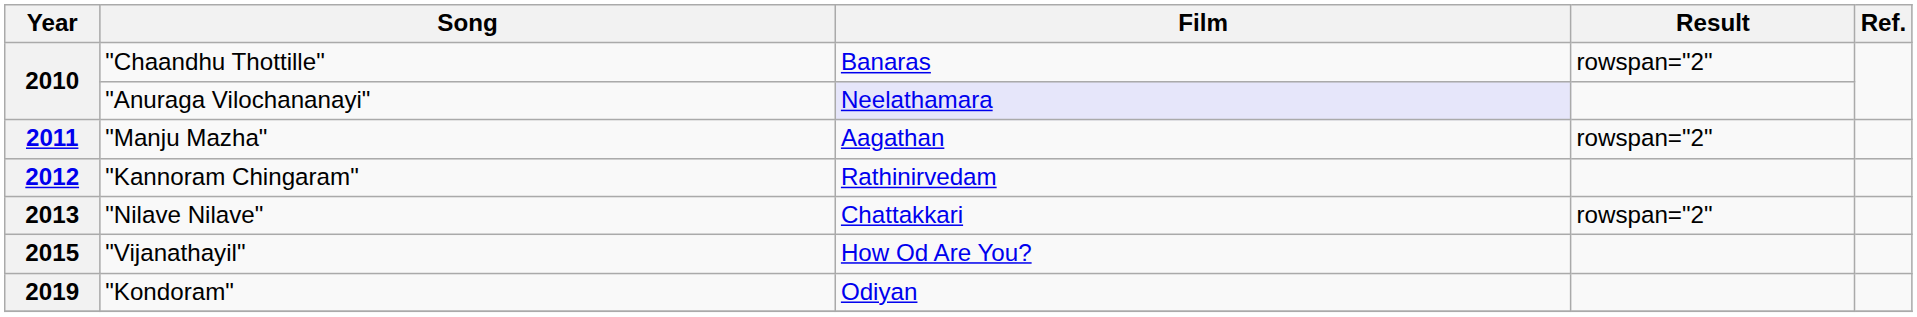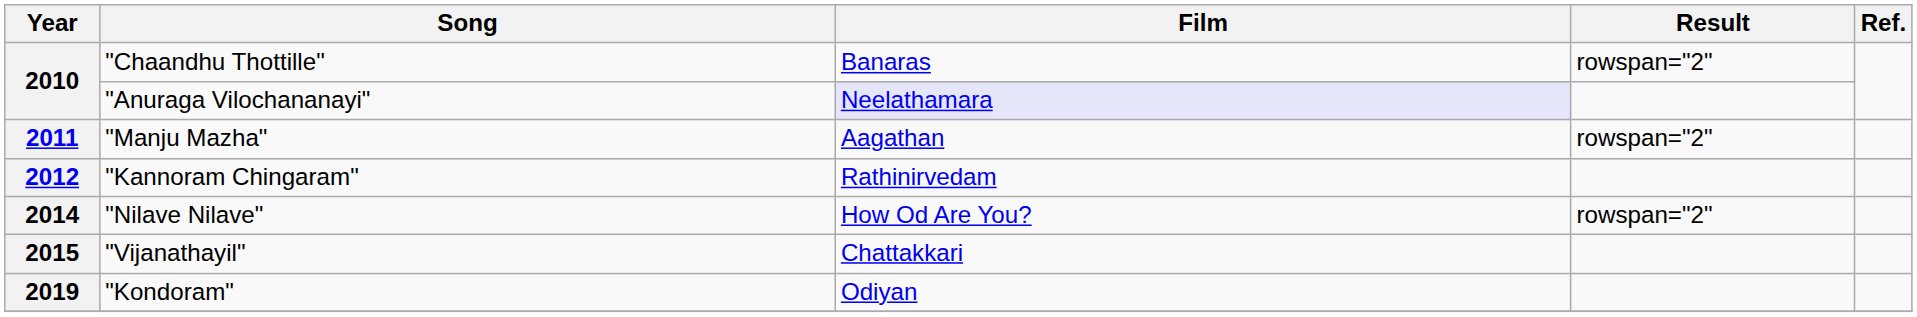 <table class="wikitable plainrowheaders" width="100%" textcolor:#000;">
 <tr>
 <th scope="col" width=5%><strong>Year</strong></th>
 <th scope="col" width=39%><strong>Song</strong></th>
 <th scope="col" width=39%><strong>Film</strong></th>
 <th scope="col" width=15%><strong>Result</strong></th>
 <th scope="col" width=2%><strong>Ref.</strong></th>
 </tr>
 <tr>
 <th scope="row" rowspan="2">2010</th>
 <td>"Chaandhu Thottille"</td>
 <td><a href='#'>Banaras</a></td>
 <td>rowspan="2" </td>
 <td rowspan="2"></td>
 </tr>
 <tr>
 <td>"Anuraga Vilochananayi"</td>
 <td style="background: lavender;"><a href='#'>Neelathamara</a></td>
 </tr>
 <tr>
 <th scope="row"><a href='#'>2011</a></th>
 <td>"Manju Mazha"</td>
 <td><a href='#'>Aagathan</a></td>
 <td>rowspan="2" </td>
 <td></td>
 </tr>
 <tr>
 <th scope="row"><a href='#'>2012</a></th>
 <td>"Kannoram Chingaram"</td>
 <td><a href='#'>Rathinirvedam</a></td>
 <td></td>
 </tr>
 <tr>
-<th scope="row">2013</th>
+<th scope="row">2014</th>
 <td>"Nilave Nilave"</td>
-<td><a href='#'>Chattakkari</a></td>
+<td><a href='#'>How Od Are You?</a></td>
 <td>rowspan="2" </td>
 <td></td>
 </tr>
 <tr>
 <th scope="row">2015</th>
 <td>"Vijanathayil"</td>
-<td><a href='#'>How Od Are You?</a></td>
+<td><a href='#'>Chattakkari</a></td>
 <td></td>
 </tr>
 <tr>
 <th scope="row">2019</th>
 <td>"Kondoram"</td>
 <td><a href='#'>Odiyan</a></td>
 <td></td>
 <td></td>
 </tr>
 <tr>
 </tr>
 </table>
